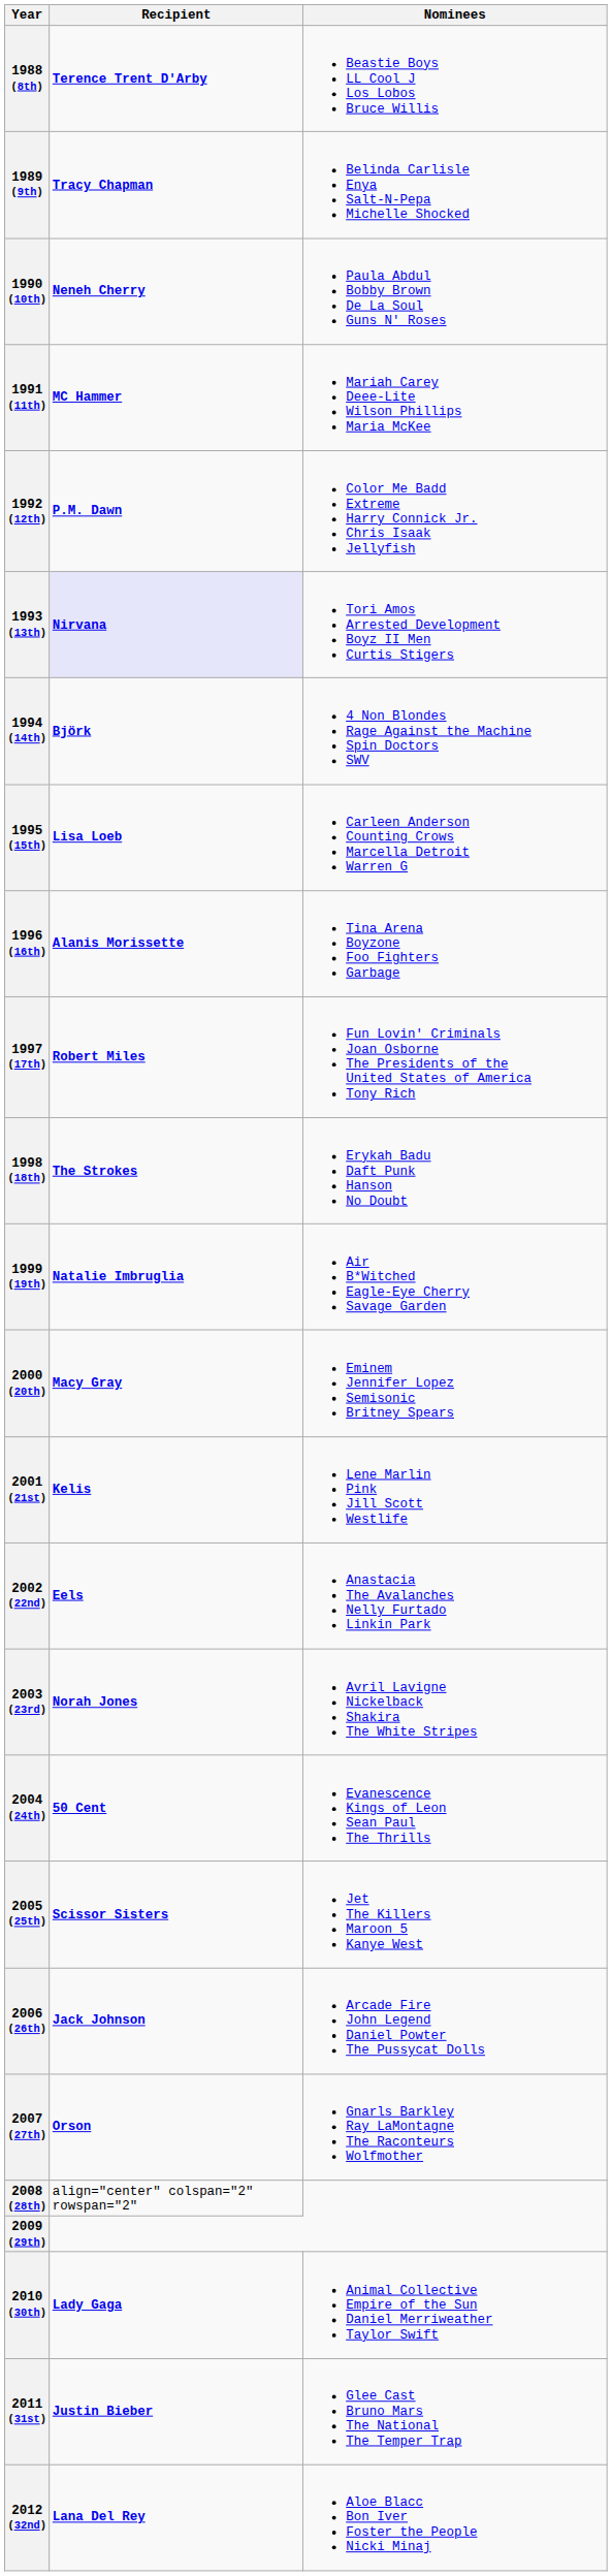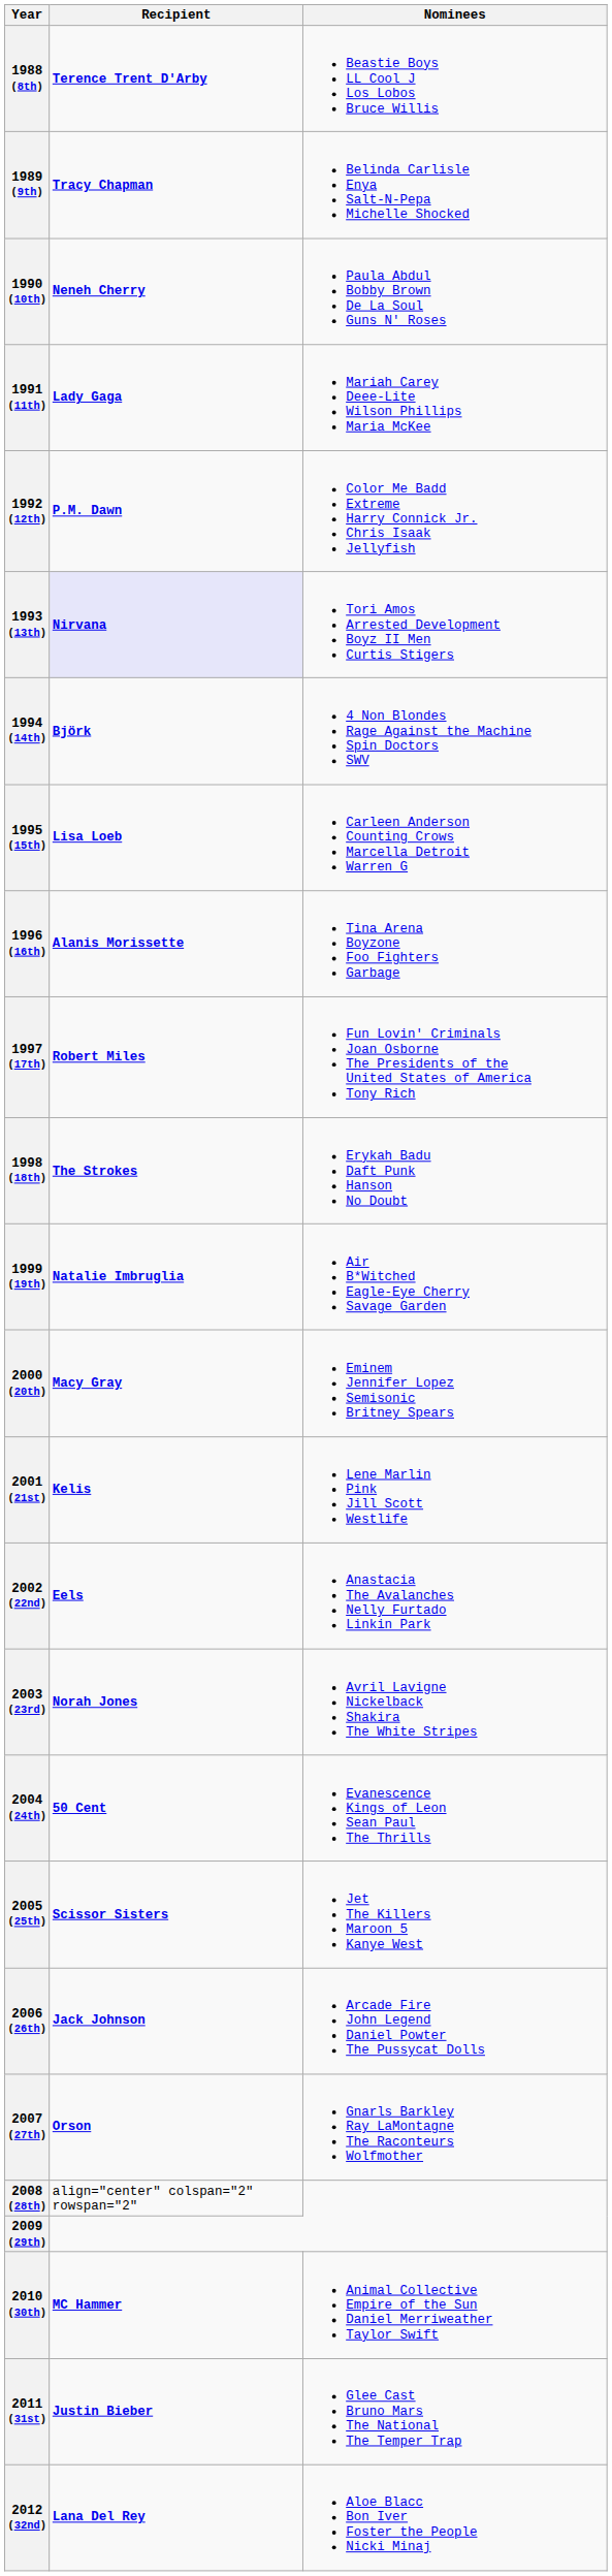 <table class="wikitable sortable">
 <tr>
 <th>Year</th>
 <th width=250px>Recipient</th>
 <th width=300px class=unsortable>Nominees</th>
 </tr>
 <tr>
 <th scope="row">1988 <br><small>(<a href='#'>8th</a>)</small></th>
 <td><strong><a href='#'>Terence Trent D'Arby</a></strong></td>
 <td><br><ul><li><a href='#'>Beastie Boys</a></li><li><a href='#'>LL Cool J</a></li><li><a href='#'>Los Lobos</a></li><li><a href='#'>Bruce Willis</a></li></ul></td>
 </tr>
 <tr>
 <th scope="row">1989 <br><small>(<a href='#'>9th</a>)</small></th>
 <td><strong><a href='#'>Tracy Chapman</a></strong></td>
 <td><br><ul><li><a href='#'>Belinda Carlisle</a></li><li><a href='#'>Enya</a></li><li><a href='#'>Salt-N-Pepa</a></li><li><a href='#'>Michelle Shocked</a></li></ul></td>
 </tr>
 <tr>
 <th scope="row">1990 <br><small>(<a href='#'>10th</a>)</small></th>
 <td><strong><a href='#'>Neneh Cherry</a></strong></td>
 <td><br><ul><li><a href='#'>Paula Abdul</a></li><li><a href='#'>Bobby Brown</a></li><li><a href='#'>De La Soul</a></li><li><a href='#'>Guns N' Roses</a></li></ul></td>
 </tr>
 <tr>
 <th scope="row">1991 <br><small>(<a href='#'>11th</a>)</small></th>
-<td><strong><a href='#'>MC Hammer</a></strong></td>
+<td><strong><a href='#'>Lady Gaga</a></strong></td>
 <td><br><ul><li><a href='#'>Mariah Carey</a></li><li><a href='#'>Deee-Lite</a></li><li><a href='#'>Wilson Phillips</a></li><li><a href='#'>Maria McKee</a></li></ul></td>
 </tr>
 <tr>
 <th scope="row">1992 <br><small>(<a href='#'>12th</a>)</small></th>
 <td><strong><a href='#'>P.M. Dawn</a></strong></td>
 <td><br><ul><li><a href='#'>Color Me Badd</a></li><li><a href='#'>Extreme</a></li><li><a href='#'>Harry Connick Jr.</a></li><li><a href='#'>Chris Isaak</a></li><li><a href='#'>Jellyfish</a></li></ul></td>
 </tr>
 <tr>
 <th scope="row">1993 <br><small>(<a href='#'>13th</a>)</small></th>
 <td style="background: lavender;"><strong><a href='#'>Nirvana</a></strong></td>
 <td><br><ul><li><a href='#'>Tori Amos</a></li><li><a href='#'>Arrested Development</a></li><li><a href='#'>Boyz II Men</a></li><li><a href='#'>Curtis Stigers</a></li></ul></td>
 </tr>
 <tr>
 <th scope="row">1994 <br><small>(<a href='#'>14th</a>)</small></th>
 <td><strong><a href='#'>Björk</a></strong></td>
 <td><br><ul><li><a href='#'>4 Non Blondes</a></li><li><a href='#'>Rage Against the Machine</a></li><li><a href='#'>Spin Doctors</a></li><li><a href='#'>SWV</a></li></ul></td>
 </tr>
 <tr>
 <th scope="row">1995 <br><small>(<a href='#'>15th</a>)</small></th>
 <td><strong><a href='#'>Lisa Loeb</a></strong></td>
 <td><br><ul><li><a href='#'>Carleen Anderson</a></li><li><a href='#'>Counting Crows</a></li><li><a href='#'>Marcella Detroit</a></li><li><a href='#'>Warren G</a></li></ul></td>
 </tr>
 <tr>
 <th scope="row">1996 <br><small>(<a href='#'>16th</a>)</small></th>
 <td><strong><a href='#'>Alanis Morissette</a></strong></td>
 <td><br><ul><li><a href='#'>Tina Arena</a></li><li><a href='#'>Boyzone</a></li><li><a href='#'>Foo Fighters</a></li><li><a href='#'>Garbage</a></li></ul></td>
 </tr>
 <tr>
 <th scope="row">1997 <br><small>(<a href='#'>17th</a>)</small></th>
 <td><strong><a href='#'>Robert Miles</a></strong></td>
 <td><br><ul><li><a href='#'>Fun Lovin' Criminals</a></li><li><a href='#'>Joan Osborne</a></li><li><a href='#'>The Presidents of the<br>United States of America</a></li><li><a href='#'>Tony Rich</a></li></ul></td>
 </tr>
 <tr>
 <th scope="row">1998 <br><small>(<a href='#'>18th</a>)</small></th>
 <td><strong><a href='#'>The Strokes</a></strong></td>
 <td><br><ul><li><a href='#'>Erykah Badu</a></li><li><a href='#'>Daft Punk</a></li><li><a href='#'>Hanson</a></li><li><a href='#'>No Doubt</a></li></ul></td>
 </tr>
 <tr>
 <th scope="row">1999 <br><small>(<a href='#'>19th</a>)</small></th>
 <td><strong><a href='#'>Natalie Imbruglia</a></strong></td>
 <td><br><ul><li><a href='#'>Air</a></li><li><a href='#'>B*Witched</a></li><li><a href='#'>Eagle-Eye Cherry</a></li><li><a href='#'>Savage Garden</a></li></ul></td>
 </tr>
 <tr>
 <th scope="row">2000 <br><small>(<a href='#'>20th</a>)</small></th>
 <td><strong><a href='#'>Macy Gray</a></strong></td>
 <td><br><ul><li><a href='#'>Eminem</a></li><li><a href='#'>Jennifer Lopez</a></li><li><a href='#'>Semisonic</a></li><li><a href='#'>Britney Spears</a></li></ul></td>
 </tr>
 <tr>
 <th scope="row">2001 <br><small>(<a href='#'>21st</a>)</small></th>
 <td><strong><a href='#'>Kelis</a></strong></td>
 <td><br><ul><li><a href='#'>Lene Marlin</a></li><li><a href='#'>Pink</a></li><li><a href='#'>Jill Scott</a></li><li><a href='#'>Westlife</a></li></ul></td>
 </tr>
 <tr>
 <th scope="row">2002 <br><small>(<a href='#'>22nd</a>)</small></th>
 <td><strong><a href='#'>Eels</a></strong></td>
 <td><br><ul><li><a href='#'>Anastacia</a></li><li><a href='#'>The Avalanches</a></li><li><a href='#'>Nelly Furtado</a></li><li><a href='#'>Linkin Park</a></li></ul></td>
 </tr>
 <tr>
 <th scope="row">2003 <br><small>(<a href='#'>23rd</a>)</small></th>
 <td><strong><a href='#'>Norah Jones</a></strong></td>
 <td><br><ul><li><a href='#'>Avril Lavigne</a></li><li><a href='#'>Nickelback</a></li><li><a href='#'>Shakira</a></li><li><a href='#'>The White Stripes</a></li></ul></td>
 </tr>
 <tr>
 <th scope="row">2004 <br><small>(<a href='#'>24th</a>)</small></th>
 <td><strong><a href='#'>50 Cent</a></strong></td>
 <td><br><ul><li><a href='#'>Evanescence</a></li><li><a href='#'>Kings of Leon</a></li><li><a href='#'>Sean Paul</a></li><li><a href='#'>The Thrills</a></li></ul></td>
 </tr>
 <tr>
 <th scope="row">2005 <br><small>(<a href='#'>25th</a>)</small></th>
 <td><strong><a href='#'>Scissor Sisters</a></strong></td>
 <td><br><ul><li><a href='#'>Jet</a></li><li><a href='#'>The Killers</a></li><li><a href='#'>Maroon 5</a></li><li><a href='#'>Kanye West</a></li></ul></td>
 </tr>
 <tr>
 <th scope="row">2006 <br><small>(<a href='#'>26th</a>)</small></th>
 <td><strong><a href='#'>Jack Johnson</a></strong></td>
 <td><br><ul><li><a href='#'>Arcade Fire</a></li><li><a href='#'>John Legend</a></li><li><a href='#'>Daniel Powter</a></li><li><a href='#'>The Pussycat Dolls</a></li></ul></td>
 </tr>
 <tr>
 <th scope="row">2007 <br><small>(<a href='#'>27th</a>)</small></th>
 <td><strong><a href='#'>Orson</a></strong></td>
 <td><br><ul><li><a href='#'>Gnarls Barkley</a></li><li><a href='#'>Ray LaMontagne</a></li><li><a href='#'>The Raconteurs</a></li><li><a href='#'>Wolfmother</a></li></ul></td>
 </tr>
 <tr>
 <th scope="row">2008 <br><small>(<a href='#'>28th</a>)</small></th>
 <td>align="center" colspan="2" rowspan="2" </td>
 </tr>
 <tr>
 <th scope="row">2009 <br><small>(<a href='#'>29th</a>)</small></th>
 </tr>
 <tr>
 <th scope="row">2010 <br><small>(<a href='#'>30th</a>)</small></th>
-<td><strong><a href='#'>Lady Gaga</a></strong></td>
+<td><strong><a href='#'>MC Hammer</a></strong></td>
 <td><br><ul><li><a href='#'>Animal Collective</a></li><li><a href='#'>Empire of the Sun</a></li><li><a href='#'>Daniel Merriweather</a></li><li><a href='#'>Taylor Swift</a></li></ul></td>
 </tr>
 <tr>
 <th scope="row">2011 <br><small>(<a href='#'>31st</a>)</small></th>
 <td><strong><a href='#'>Justin Bieber</a></strong></td>
 <td><br><ul><li><a href='#'>Glee Cast</a></li><li><a href='#'>Bruno Mars</a></li><li><a href='#'>The National</a></li><li><a href='#'>The Temper Trap</a></li></ul></td>
 </tr>
 <tr>
 <th scope="row">2012 <br><small>(<a href='#'>32nd</a>)</small></th>
 <td><strong><a href='#'>Lana Del Rey</a></strong></td>
 <td><br><ul><li><a href='#'>Aloe Blacc</a></li><li><a href='#'>Bon Iver</a></li><li><a href='#'>Foster the People</a></li><li><a href='#'>Nicki Minaj</a></li></ul></td>
 </tr>
 </table>
